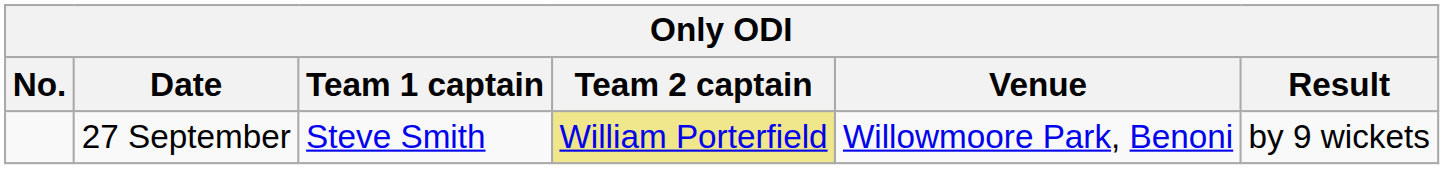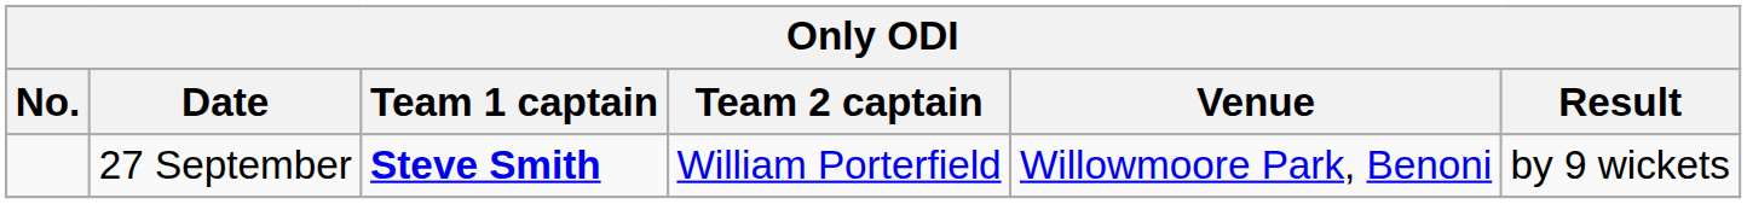 <table class="wikitable">
 <tr>
 <th colspan="6">Only ODI</th>
 </tr>
 <tr>
 <th>No.</th>
 <th>Date</th>
 <th>Team 1 captain</th>
 <th>Team 2 captain</th>
 <th>Venue</th>
 <th>Result</th>
 </tr>
 <tr>
 <td></td>
 <td>27 September</td>
-<td><a href='#'>Steve Smith</a></td>
-<td style="background: khaki;"><a href='#'>William Porterfield</a></td>
+<td><strong><a href='#'>Steve Smith</a></strong></td>
+<td><a href='#'>William Porterfield</a></td>
 <td><a href='#'>Willowmoore Park</a>, <a href='#'>Benoni</a></td>
 <td> by 9 wickets</td>
 </tr>
 </table>
